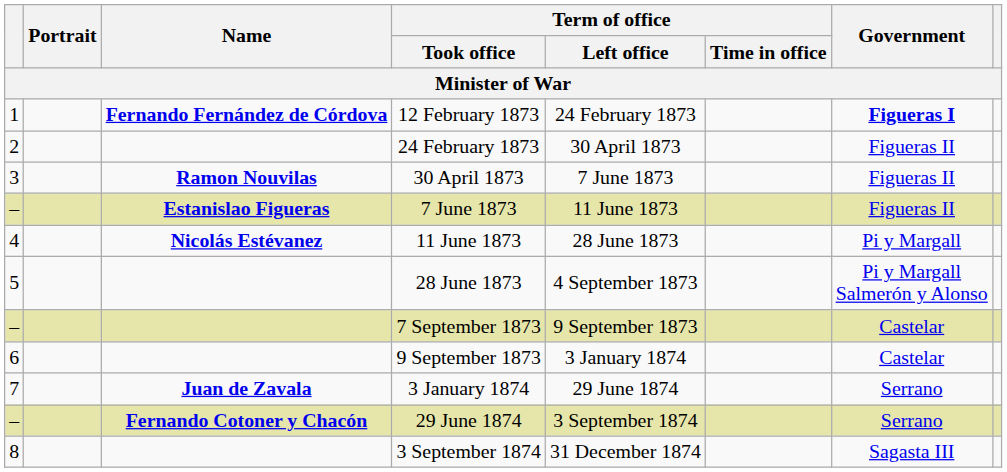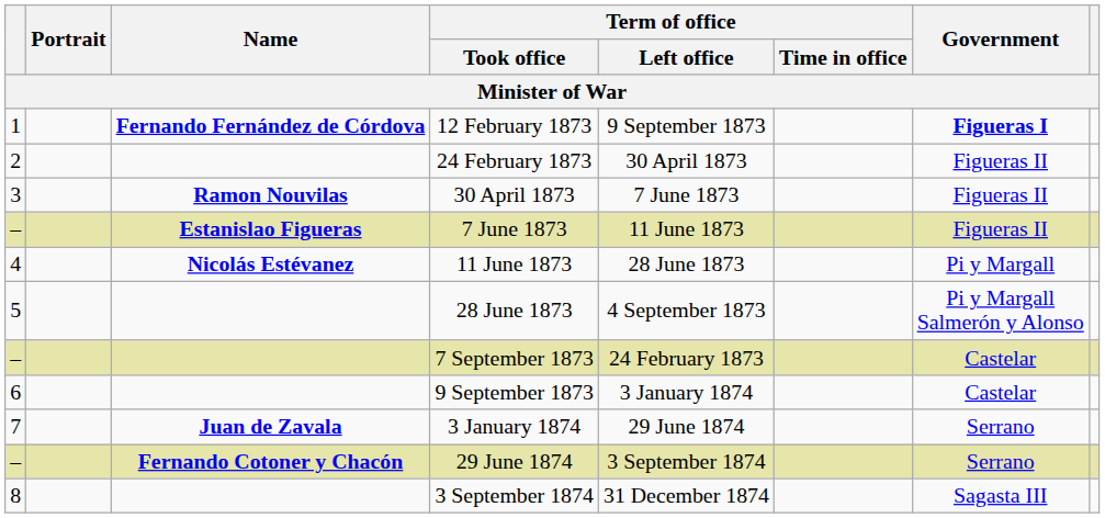 <table class="wikitable" style="text-align:center">
 <tr>
 <th rowspan=2></th>
 <th rowspan=2>Portrait</th>
 <th rowspan=2>Name</th>
 <th colspan=3>Term of office</th>
 <th rowspan=2>Government</th>
 <th rowspan=2></th>
 </tr>
 <tr>
 <th>Took office</th>
 <th>Left office</th>
 <th>Time in office</th>
 </tr>
 <tr>
 <th colspan=9>Minister of War</th>
 </tr>
 <tr>
 <td>1</td>
 <td></td>
 <td><strong><a href='#'>Fernando Fernández de Córdova</a></strong><br></td>
 <td>12 February 1873</td>
-<td>24 February 1873</td>
+<td>9 September 1873</td>
 <td></td>
 <td><strong><a href='#'>Figueras I</a></strong></td>
 <td></td>
 </tr>
 <tr>
 <td>2</td>
 <td></td>
 <td><strong></strong><br></td>
 <td>24 February 1873</td>
 <td>30 April 1873</td>
 <td></td>
 <td><a href='#'>Figueras II</a></td>
 <td></td>
 </tr>
 <tr>
 <td>3</td>
 <td></td>
 <td><strong><a href='#'>Ramon Nouvilas</a></strong><br></td>
 <td>30 April 1873</td>
 <td>7 June 1873</td>
 <td></td>
 <td><a href='#'>Figueras II</a></td>
 <td></td>
 </tr>
 <tr style="background:#e6e6aa;">
 <td>–</td>
 <td></td>
 <td><strong><a href='#'>Estanislao Figueras</a></strong><br></td>
 <td>7 June 1873</td>
 <td>11 June 1873</td>
 <td></td>
 <td><a href='#'>Figueras II</a></td>
 <td></td>
 </tr>
 <tr>
 <td>4</td>
 <td></td>
 <td><strong><a href='#'>Nicolás Estévanez</a></strong><br></td>
 <td>11 June 1873</td>
 <td>28 June 1873</td>
 <td></td>
 <td><a href='#'>Pi y Margall</a></td>
 <td></td>
 </tr>
 <tr>
 <td>5</td>
 <td></td>
 <td><strong></strong><br></td>
 <td>28 June 1873</td>
 <td>4 September 1873</td>
 <td></td>
 <td><a href='#'>Pi y Margall</a><br><a href='#'>Salmerón y Alonso</a></td>
 <td></td>
 </tr>
 <tr style="background:#e6e6aa;">
 <td>–</td>
 <td></td>
 <td><strong></strong><br></td>
 <td>7 September 1873</td>
-<td>9 September 1873</td>
+<td>24 February 1873</td>
 <td></td>
 <td><a href='#'>Castelar</a></td>
 <td></td>
 </tr>
 <tr>
 <td>6</td>
 <td></td>
 <td><strong></strong><br></td>
 <td>9 September 1873</td>
 <td>3 January 1874</td>
 <td></td>
 <td><a href='#'>Castelar</a></td>
 <td></td>
 </tr>
 <tr>
 <td>7</td>
 <td></td>
 <td><strong><a href='#'>Juan de Zavala</a></strong><br></td>
 <td>3 January 1874</td>
 <td>29 June 1874</td>
 <td></td>
 <td><a href='#'>Serrano</a></td>
 <td></td>
 </tr>
 <tr style="background:#e6e6aa;">
 <td>–</td>
 <td></td>
 <td><strong><a href='#'>Fernando Cotoner y Chacón</a></strong><br></td>
 <td>29 June 1874</td>
 <td>3 September 1874</td>
 <td></td>
 <td><a href='#'>Serrano</a></td>
 <td></td>
 </tr>
 <tr>
 <td>8</td>
 <td></td>
 <td><strong></strong><br></td>
 <td>3 September 1874</td>
 <td>31 December 1874</td>
 <td></td>
 <td><a href='#'>Sagasta III</a></td>
 <td></td>
 </tr>
 </table>
